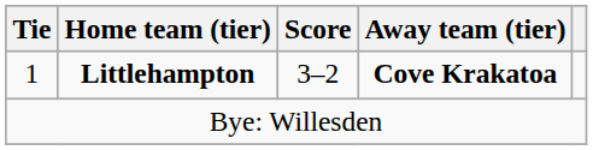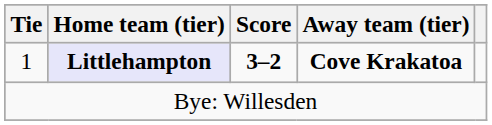 <table class="wikitable" style="text-align:center; font-size:85%">
 <tr>
 <th>Tie</th>
 <th>Home team (tier)</th>
 <th>Score</th>
 <th>Away team (tier)</th>
 <th></th>
 </tr>
 <tr>
 <td align="center">1</td>
-<td><strong>Littlehampton</strong></td>
-<td align="center">3–2</td>
+<td style="background: lavender;"><strong>Littlehampton</strong></td>
+<td align="center"><strong>3–2</strong></td>
 <td><strong>Cove Krakatoa</strong></td>
 <td></td>
 </tr>
 <tr>
 <td colspan="5" align="center">Bye: Willesden</td>
 </tr>
 </table>
